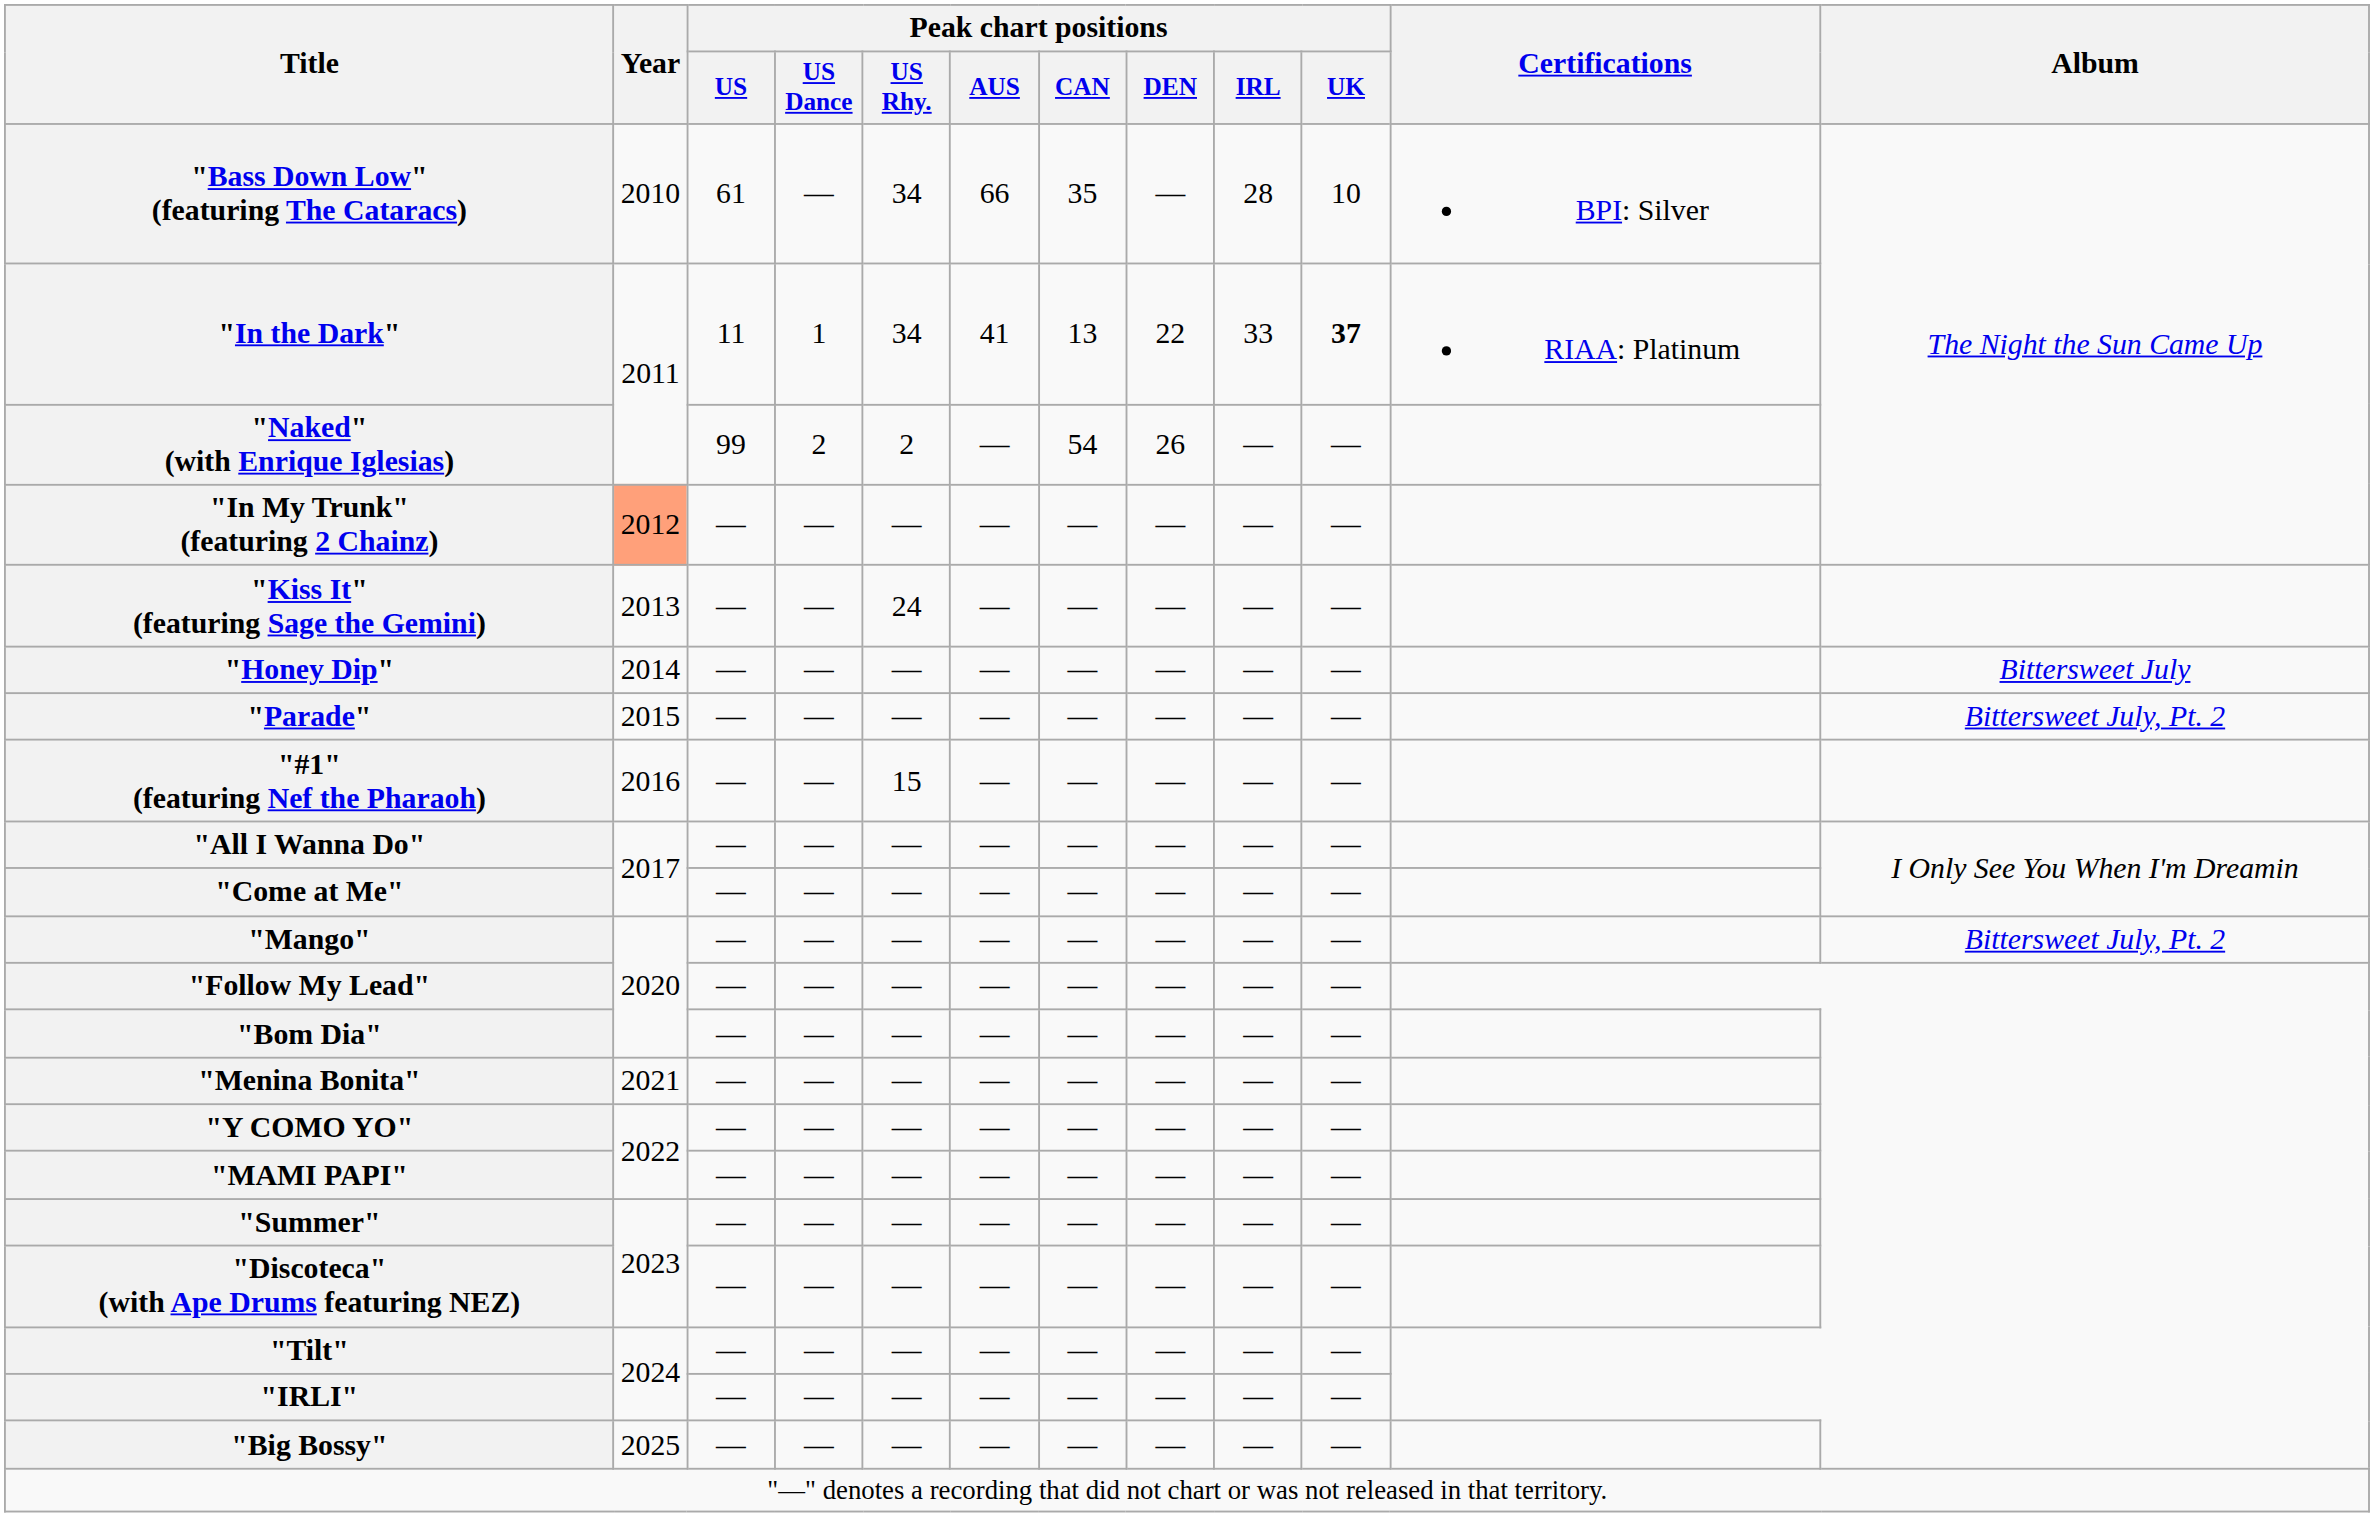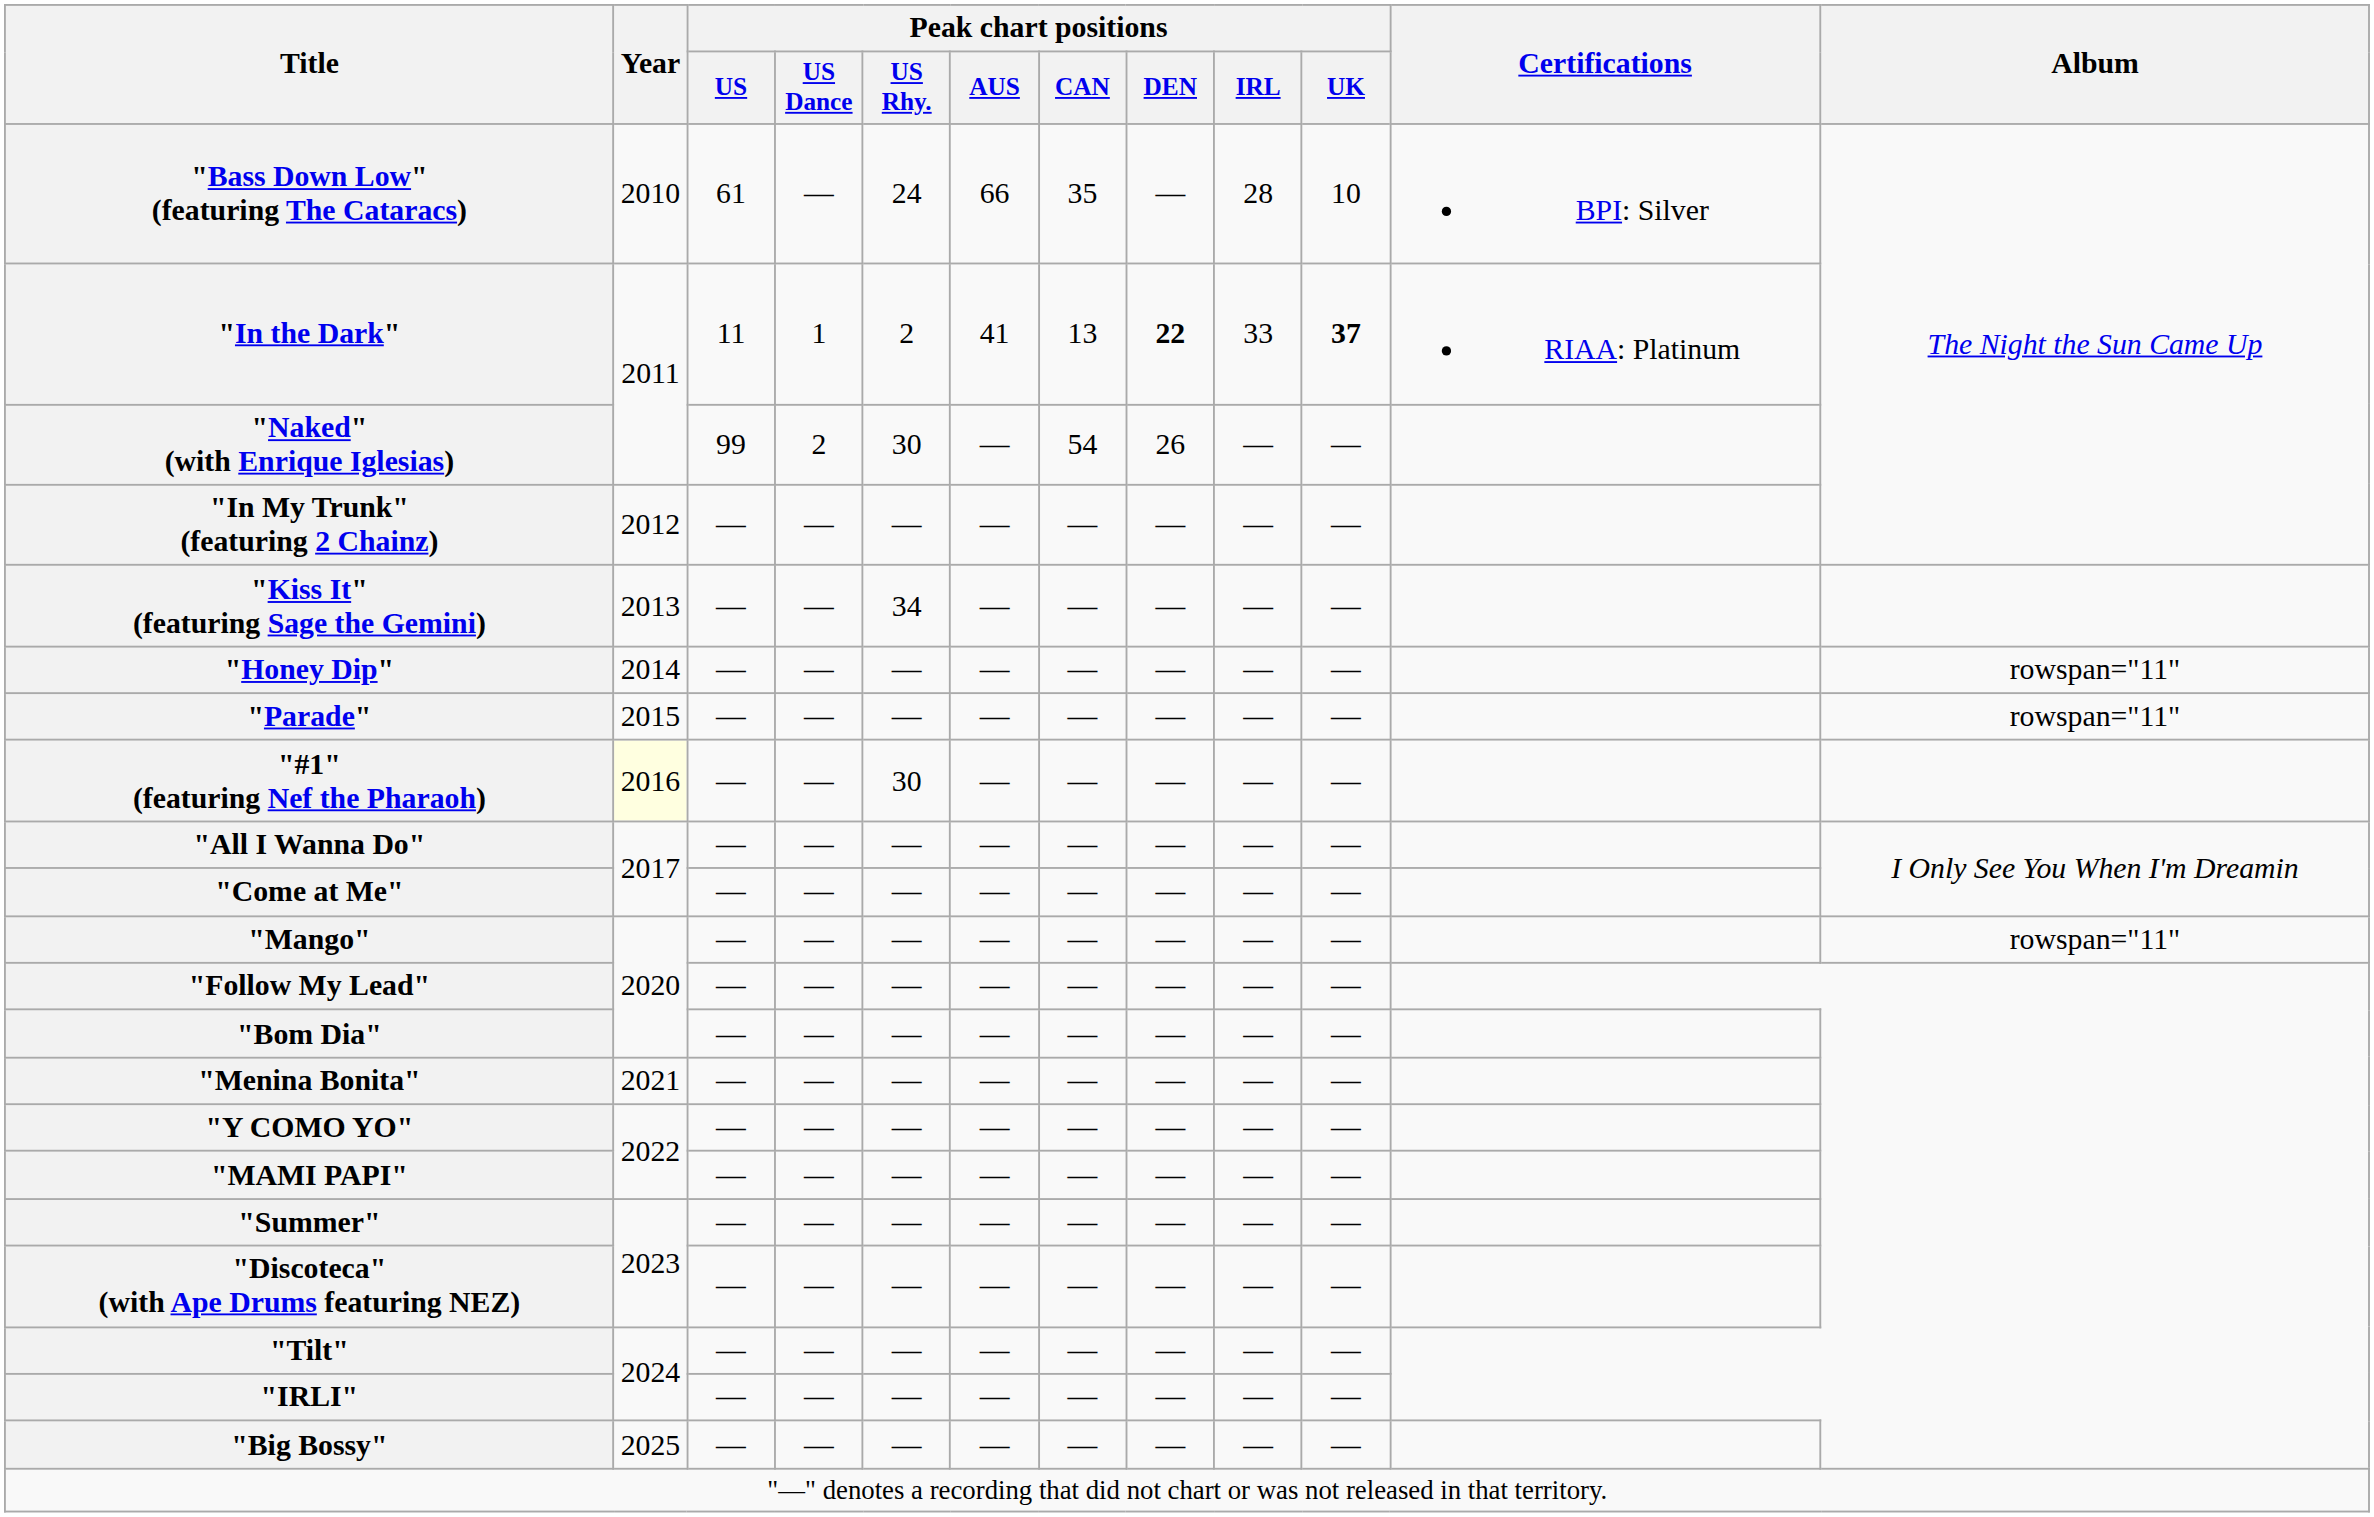 <table class="wikitable plainrowheaders" style="text-align:center;" border="1">
 <tr>
 <th rowspan="2" scope="col" style="width:20em;">Title</th>
 <th rowspan="2" scope="col" style="width:1em;">Year</th>
 <th colspan="8" scope="col">Peak chart positions</th>
 <th rowspan="2" scope="col" style="width:14em;"><a href='#'>Certifications</a></th>
 <th rowspan="2" scope="col" style="width:18em;">Album</th>
 </tr>
 <tr>
 <th scope="col" style="width:3em;font-size:85%;"><a href='#'>US</a><br></th>
 <th scope="col" style="width:3em;font-size:85%;"><a href='#'>US<br>Dance</a><br></th>
 <th scope="col" style="width:3em;font-size:85%;"><a href='#'>US<br>Rhy.</a><br></th>
 <th scope="col" style="width:3em;font-size:85%;"><a href='#'>AUS</a><br></th>
 <th scope="col" style="width:3em;font-size:85%;"><a href='#'>CAN</a><br></th>
 <th scope="col" style="width:3em;font-size:85%;"><a href='#'>DEN</a><br></th>
 <th scope="col" style="width:3em;font-size:85%;"><a href='#'>IRL</a><br></th>
 <th scope="col" style="width:3em;font-size:85%;"><a href='#'>UK</a><br></th>
 </tr>
 <tr>
 <th scope="row">"<a href='#'>Bass Down Low</a>"<br><span>(featuring <a href='#'>The Cataracs</a>)</span></th>
 <td>2010</td>
 <td>61</td>
 <td>—</td>
-<td>34</td>
+<td>24</td>
 <td>66</td>
 <td>35</td>
 <td>—</td>
 <td>28</td>
 <td>10</td>
 <td><br><ul><li><a href='#'>BPI</a>: Silver</li></ul></td>
 <td rowspan="4"><em><a href='#'>The Night the Sun Came Up</a></em></td>
 </tr>
 <tr>
 <th scope="row">"<a href='#'>In the Dark</a>"</th>
 <td rowspan="2">2011</td>
 <td>11</td>
 <td>1</td>
-<td>34</td>
+<td>2</td>
 <td>41</td>
 <td>13</td>
-<td>22</td>
+<td><strong>22</strong></td>
 <td>33</td>
 <td><strong>37</strong></td>
 <td><br><ul><li><a href='#'>RIAA</a>: Platinum</li></ul></td>
 </tr>
 <tr>
 <th scope="row">"<a href='#'>Naked</a>"<br><span>(with <a href='#'>Enrique Iglesias</a>)</span></th>
 <td>99</td>
 <td>2</td>
-<td>2</td>
+<td>30</td>
 <td>—</td>
 <td>54</td>
 <td>26</td>
 <td>—</td>
 <td>—</td>
 <td></td>
 </tr>
 <tr>
 <th scope="row">"In My Trunk"<br><span>(featuring <a href='#'>2 Chainz</a>)</span></th>
-<td style="background: lightsalmon;">2012</td>
+<td>2012</td>
 <td>—</td>
 <td>—</td>
 <td>—</td>
 <td>—</td>
 <td>—</td>
 <td>—</td>
 <td>—</td>
 <td>—</td>
 <td></td>
 </tr>
 <tr>
 <th scope="row">"<a href='#'>Kiss It</a>"<br><span>(featuring <a href='#'>Sage the Gemini</a>)</span></th>
 <td>2013</td>
 <td>—</td>
 <td>—</td>
-<td>24</td>
+<td>34</td>
 <td>—</td>
 <td>—</td>
 <td>—</td>
 <td>—</td>
 <td>—</td>
 <td></td>
 <td></td>
 </tr>
 <tr>
 <th scope="row">"<a href='#'>Honey Dip</a>"</th>
 <td>2014</td>
 <td>—</td>
 <td>—</td>
 <td>—</td>
 <td>—</td>
 <td>—</td>
 <td>—</td>
 <td>—</td>
 <td>—</td>
 <td></td>
-<td><em><a href='#'>Bittersweet July</a></em></td>
+<td>rowspan="11" </td>
 </tr>
 <tr>
 <th scope="row">"<a href='#'>Parade</a>"</th>
 <td>2015</td>
 <td>—</td>
 <td>—</td>
 <td>—</td>
 <td>—</td>
 <td>—</td>
 <td>—</td>
 <td>—</td>
 <td>—</td>
 <td></td>
-<td><em><a href='#'>Bittersweet July, Pt. 2</a></em></td>
+<td>rowspan="11" </td>
 </tr>
 <tr>
 <th scope="row">"#1"<br><span>(featuring <a href='#'>Nef the Pharaoh</a>)</span></th>
-<td>2016</td>
+<td style="background: lightyellow;">2016</td>
 <td>—</td>
 <td>—</td>
-<td>15</td>
+<td>30</td>
 <td>—</td>
 <td>—</td>
 <td>—</td>
 <td>—</td>
 <td>—</td>
 <td></td>
 <td></td>
 </tr>
 <tr>
 <th scope="row">"All I Wanna Do"</th>
 <td rowspan="2">2017</td>
 <td>—</td>
 <td>—</td>
 <td>—</td>
 <td>—</td>
 <td>—</td>
 <td>—</td>
 <td>—</td>
 <td>—</td>
 <td></td>
 <td rowspan="2"><em>I Only See You When I'm Dreamin<strong></td>
 </tr>
 <tr>
 <th scope="row">"Come at Me"</th>
 <td>—</td>
 <td>—</td>
 <td>—</td>
 <td>—</td>
 <td>—</td>
 <td>—</td>
 <td>—</td>
 <td>—</td>
 </tr>
 <tr>
 <th scope="row">"Mango"</th>
 <td rowspan="3">2020</td>
 <td>—</td>
 <td>—</td>
 <td>—</td>
 <td>—</td>
 <td>—</td>
 <td>—</td>
 <td>—</td>
 <td>—</td>
 <td></td>
-<td><em><a href='#'>Bittersweet July, Pt. 2</a></em></td>
+<td>rowspan="11" </td>
 </tr>
 <tr>
 <th scope="row">"Follow My Lead"</th>
 <td>—</td>
 <td>—</td>
 <td>—</td>
 <td>—</td>
 <td>—</td>
 <td>—</td>
 <td>—</td>
 <td>—</td>
 </tr>
 <tr>
 <th scope="row">"Bom Dia"</th>
 <td>—</td>
 <td>—</td>
 <td>—</td>
 <td>—</td>
 <td>—</td>
 <td>—</td>
 <td>—</td>
 <td>—</td>
 <td></td>
 </tr>
 <tr>
 <th scope="row">"Menina Bonita"</th>
 <td>2021</td>
 <td>—</td>
 <td>—</td>
 <td>—</td>
 <td>—</td>
 <td>—</td>
 <td>—</td>
 <td>—</td>
 <td>—</td>
 <td></td>
 </tr>
 <tr>
 <th scope="row">"Y COMO YO"</th>
 <td rowspan="2">2022</td>
 <td>—</td>
 <td>—</td>
 <td>—</td>
 <td>—</td>
 <td>—</td>
 <td>—</td>
 <td>—</td>
 <td>—</td>
 <td></td>
 </tr>
 <tr>
 <th scope="row">"MAMI PAPI"</th>
 <td>—</td>
 <td>—</td>
 <td>—</td>
 <td>—</td>
 <td>—</td>
 <td>—</td>
 <td>—</td>
 <td>—</td>
 <td></td>
 </tr>
 <tr>
 <th scope="row">"Summer"</th>
 <td rowspan="2">2023</td>
 <td>—</td>
 <td>—</td>
 <td>—</td>
 <td>—</td>
 <td>—</td>
 <td>—</td>
 <td>—</td>
 <td>—</td>
 <td></td>
 </tr>
 <tr>
 <th scope="row">"Discoteca"<br><span>(with <a href='#'>Ape Drums</a> featuring NEZ)</span></th>
 <td>—</td>
 <td>—</td>
 <td>—</td>
 <td>—</td>
 <td>—</td>
 <td>—</td>
 <td>—</td>
 <td>—</td>
 <td></td>
 </tr>
 <tr>
 <th scope="row">"Tilt"</th>
 <td rowspan="2">2024</td>
 <td>—</td>
 <td>—</td>
 <td>—</td>
 <td>—</td>
 <td>—</td>
 <td>—</td>
 <td>—</td>
 <td>—</td>
 </tr>
 <tr>
 <th scope="row">"IRLI"</th>
 <td>—</td>
 <td>—</td>
 <td>—</td>
 <td>—</td>
 <td>—</td>
 <td>—</td>
 <td>—</td>
 <td>—</td>
 </tr>
 <tr>
 <th scope="row">"Big Bossy"</th>
 <td>2025</td>
 <td>—</td>
 <td>—</td>
 <td>—</td>
 <td>—</td>
 <td>—</td>
 <td>—</td>
 <td>—</td>
 <td>—</td>
 <td></td>
 </tr>
 <tr>
 <td colspan="13" style="font-size:90%">"—" denotes a recording that did not chart or was not released in that territory.</td>
 </tr>
 </table>
